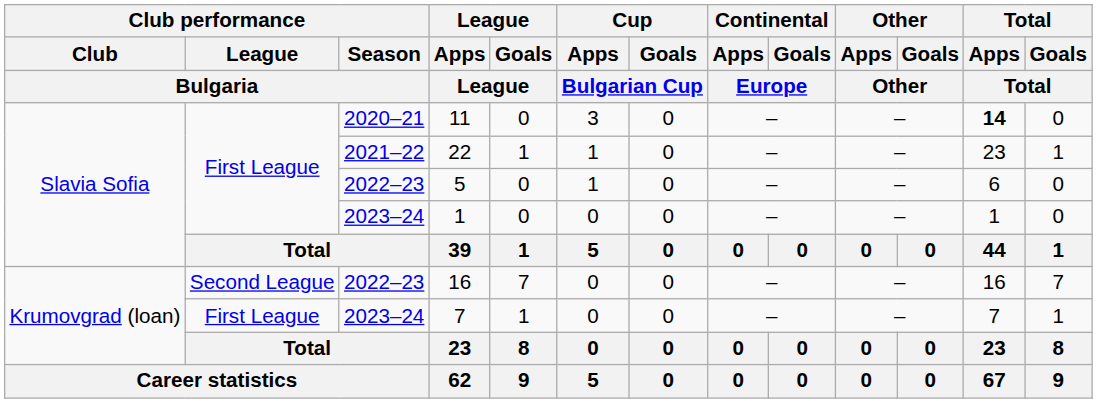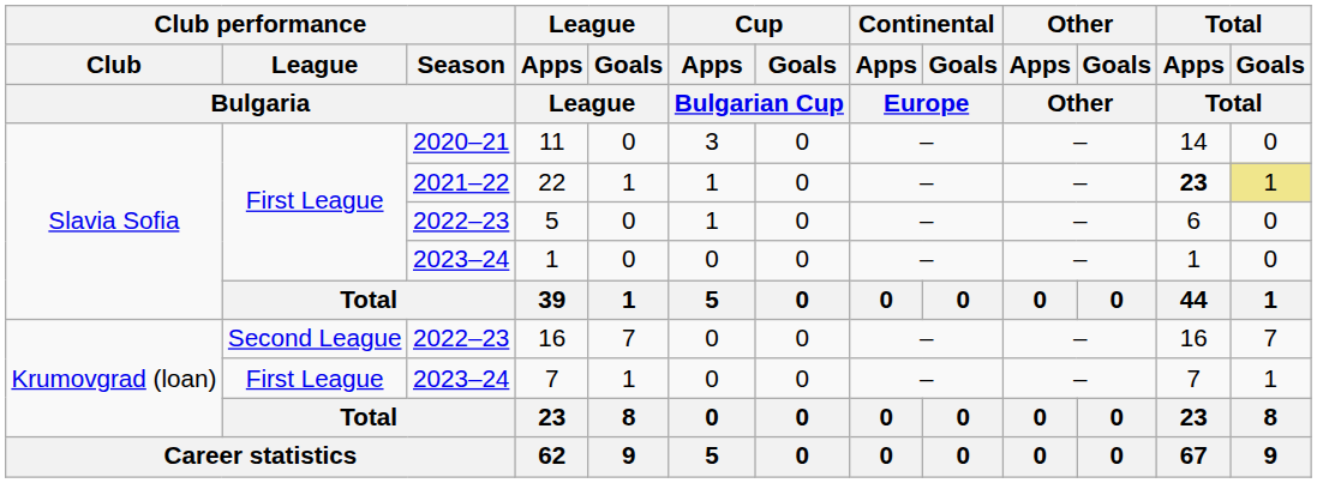 <table class="wikitable" style="text-align: center">
 <tr>
 <th colspan="3">Club performance</th>
 <th colspan="2">League</th>
 <th colspan="2">Cup</th>
 <th colspan="2">Continental</th>
 <th colspan="2">Other</th>
 <th colspan="3">Total</th>
 </tr>
 <tr>
 <th>Club</th>
 <th>League</th>
 <th>Season</th>
 <th>Apps</th>
 <th>Goals</th>
 <th>Apps</th>
 <th>Goals</th>
 <th>Apps</th>
 <th>Goals</th>
 <th>Apps</th>
 <th>Goals</th>
 <th>Apps</th>
 <th>Goals</th>
 </tr>
 <tr>
 <th colspan="3">Bulgaria</th>
 <th colspan="2">League</th>
 <th colspan="2"><a href='#'>Bulgarian Cup</a></th>
 <th colspan="2"><a href='#'>Europe</a></th>
 <th colspan="2">Other</th>
 <th colspan="2">Total</th>
 </tr>
 <tr>
 <td rowspan="5" valign="center"><a href='#'>Slavia Sofia</a></td>
 <td rowspan="4"><a href='#'>First League</a></td>
 <td><a href='#'>2020–21</a></td>
 <td>11</td>
 <td>0</td>
 <td>3</td>
 <td>0</td>
 <td colspan="2">–</td>
 <td colspan="2">–</td>
-<td><strong>14</strong></td>
+<td>14</td>
 <td>0</td>
 </tr>
 <tr>
 <td><a href='#'>2021–22</a></td>
 <td>22</td>
 <td>1</td>
 <td>1</td>
 <td>0</td>
 <td colspan="2">–</td>
 <td colspan="2">–</td>
-<td>23</td>
-<td>1</td>
+<td><strong>23</strong></td>
+<td style="background: khaki;">1</td>
 </tr>
 <tr>
 <td><a href='#'>2022–23</a></td>
 <td>5</td>
 <td>0</td>
 <td>1</td>
 <td>0</td>
 <td colspan="2">–</td>
 <td colspan="2">–</td>
 <td>6</td>
 <td>0</td>
 </tr>
 <tr>
 <td><a href='#'>2023–24</a></td>
 <td>1</td>
 <td>0</td>
 <td>0</td>
 <td>0</td>
 <td colspan="2">–</td>
 <td colspan="2">–</td>
 <td>1</td>
 <td>0</td>
 </tr>
 <tr>
 <th colspan=2>Total</th>
 <th>39</th>
 <th>1</th>
 <th>5</th>
 <th>0</th>
 <th>0</th>
 <th>0</th>
 <th>0</th>
 <th>0</th>
 <th>44</th>
 <th>1</th>
 </tr>
 <tr>
 <td rowspan="3" valign="center"><a href='#'>Krumovgrad</a> (loan)</td>
 <td rowspan="1"><a href='#'>Second League</a></td>
 <td><a href='#'>2022–23</a></td>
 <td>16</td>
 <td>7</td>
 <td>0</td>
 <td>0</td>
 <td colspan="2">–</td>
 <td colspan="2">–</td>
 <td>16</td>
 <td>7</td>
 </tr>
 <tr>
 <td rowspan="1"><a href='#'>First League</a></td>
 <td><a href='#'>2023–24</a></td>
 <td>7</td>
 <td>1</td>
 <td>0</td>
 <td>0</td>
 <td colspan="2">–</td>
 <td colspan="2">–</td>
 <td>7</td>
 <td>1</td>
 </tr>
 <tr>
 <th colspan=2>Total</th>
 <th>23</th>
 <th>8</th>
 <th>0</th>
 <th>0</th>
 <th>0</th>
 <th>0</th>
 <th>0</th>
 <th>0</th>
 <th>23</th>
 <th>8</th>
 </tr>
 <tr>
 <th colspan="3">Career statistics</th>
 <th>62</th>
 <th>9</th>
 <th>5</th>
 <th>0</th>
 <th>0</th>
 <th>0</th>
 <th>0</th>
 <th>0</th>
 <th>67</th>
 <th>9</th>
 </tr>
 </table>
